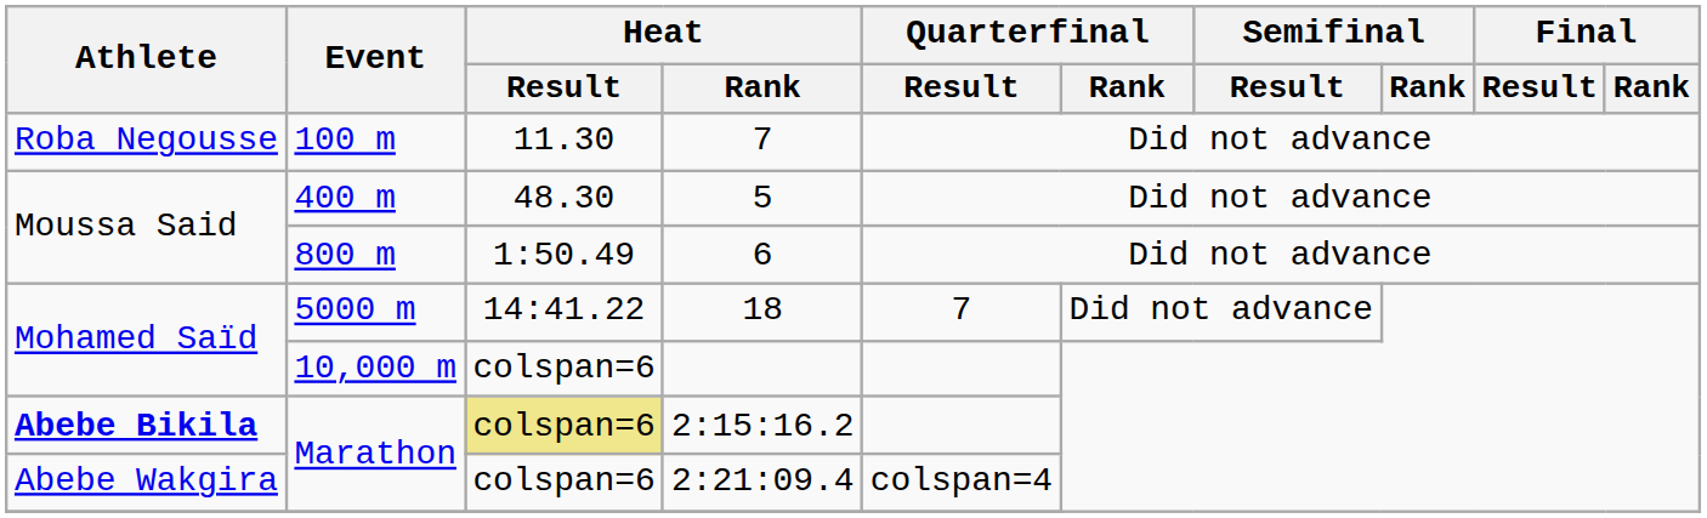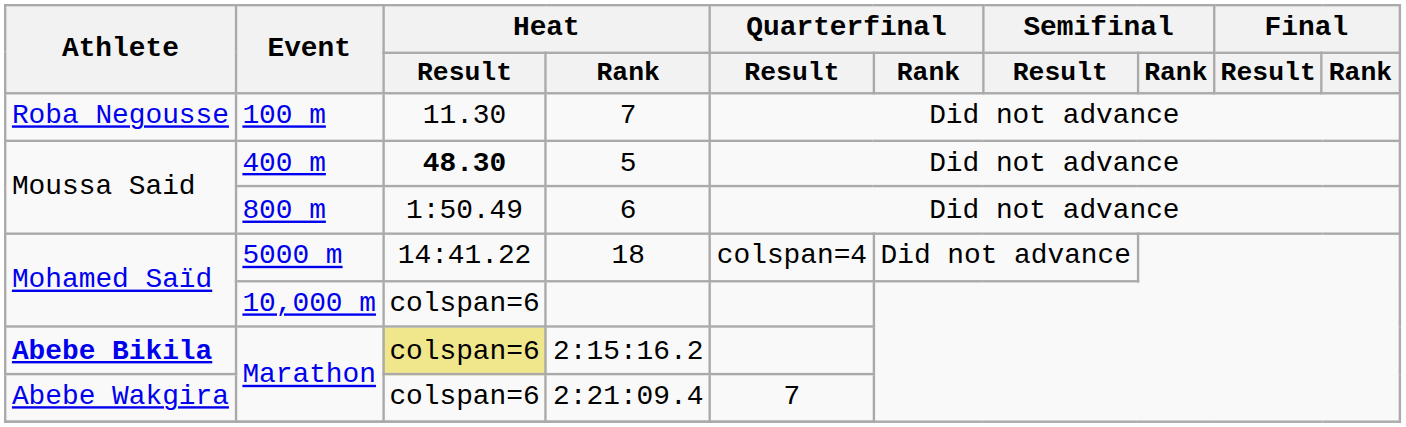 <table class="wikitable" style="font-size:90%">
 <tr>
 <th rowspan="2">Athlete</th>
 <th rowspan="2">Event</th>
 <th colspan="2">Heat</th>
 <th colspan="2">Quarterfinal</th>
 <th colspan="2">Semifinal</th>
 <th colspan="2">Final</th>
 </tr>
 <tr style="font-size:95%">
 <th>Result</th>
 <th>Rank</th>
 <th>Result</th>
 <th>Rank</th>
 <th>Result</th>
 <th>Rank</th>
 <th>Result</th>
 <th>Rank</th>
 </tr>
 <tr align=center>
 <td align=left><a href='#'>Roba Negousse</a></td>
 <td align=left><a href='#'>100 m</a></td>
 <td>11.30</td>
 <td>7</td>
 <td colspan=6>Did not advance</td>
 </tr>
 <tr align=center>
 <td align=left rowspan=2>Moussa Said</td>
 <td align=left><a href='#'>400 m</a></td>
-<td>48.30</td>
+<td><strong>48.30</strong></td>
 <td>5</td>
 <td colspan=6>Did not advance</td>
 </tr>
 <tr align=center>
 <td align=left><a href='#'>800 m</a></td>
 <td>1:50.49</td>
 <td>6</td>
 <td colspan=6>Did not advance</td>
 </tr>
 <tr align=center>
 <td align=left rowspan=2><a href='#'>Mohamed Saïd</a></td>
 <td align=left><a href='#'>5000 m</a></td>
 <td>14:41.22</td>
 <td>18</td>
-<td>7</td>
+<td>colspan=4 </td>
 <td colspan=2>Did not advance</td>
 </tr>
 <tr align=center>
 <td align=left><a href='#'>10,000 m</a></td>
 <td>colspan=6 </td>
 <td></td>
 <td></td>
 </tr>
 <tr align=center>
 <td align=left><strong><a href='#'>Abebe Bikila</a></strong></td>
 <td align=left rowspan=2><a href='#'>Marathon</a></td>
 <td style="background: khaki;">colspan=6 </td>
 <td>2:15:16.2</td>
 <td></td>
 </tr>
 <tr align=center>
 <td align=left><a href='#'>Abebe Wakgira</a></td>
 <td>colspan=6 </td>
 <td>2:21:09.4</td>
-<td>colspan=4 </td>
+<td>7</td>
 </tr>
 <tr align=center>
 </tr>
 </table>
